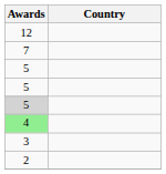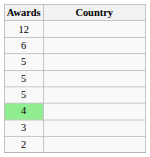 <table class="wikitable" style="text-align:center;">
 <tr>
 <th scope="col" width="50">Awards</th>
 <th scope="col" width="150">Country</th>
 </tr>
 <tr>
 <td>12</td>
 <td></td>
 </tr>
 <tr>
-<td>7</td>
+<td>6</td>
 <td></td>
 </tr>
 <tr>
 <td>5</td>
 <td></td>
 </tr>
 <tr>
 <td>5</td>
 <td></td>
 </tr>
 <tr>
-<td style="background: lightgrey;">5</td>
+<td>5</td>
 <td></td>
 </tr>
 <tr>
 <td style="background: lightgreen;">4</td>
 <td></td>
 </tr>
 <tr>
 <td>3</td>
 <td></td>
 </tr>
 <tr>
 <td>2</td>
 <td></td>
 </tr>
 <tr>
 </tr>
 </table>
